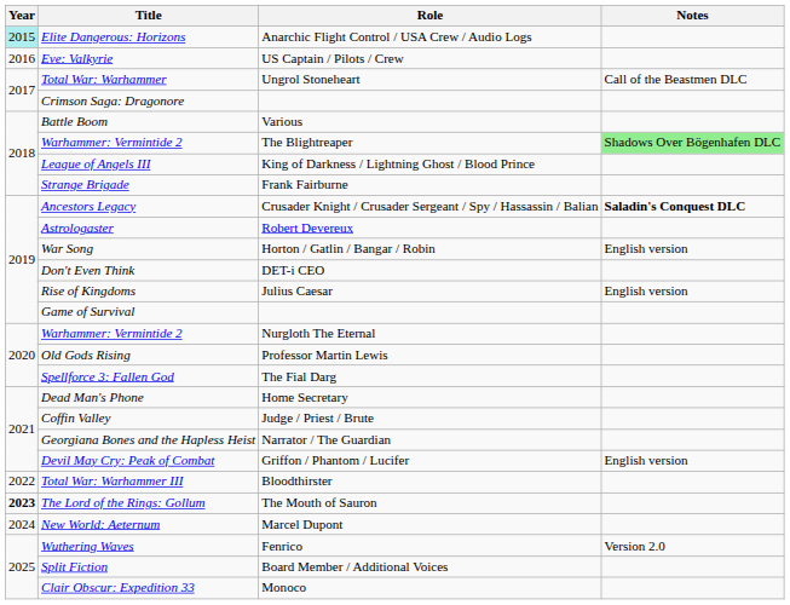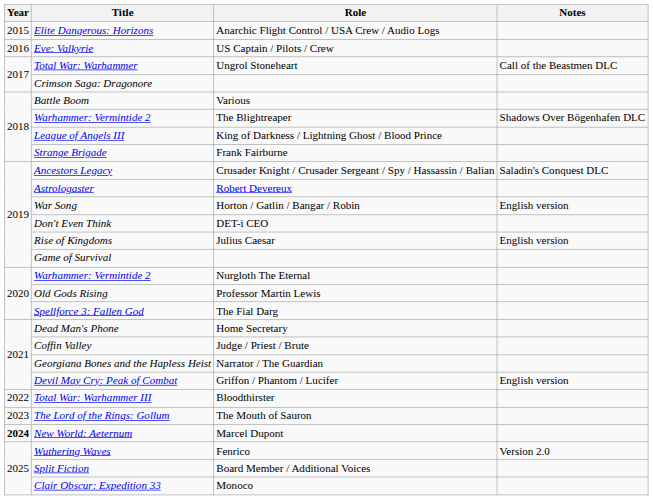 <table class="wikitable sortable">
 <tr>
 <th>Year</th>
 <th>Title</th>
 <th>Role</th>
 <th>Notes</th>
 </tr>
 <tr>
-<td style="background: paleturquoise;">2015</td>
+<td>2015</td>
 <td><em><a href='#'>Elite Dangerous: Horizons</a></em></td>
 <td>Anarchic Flight Control / USA Crew / Audio Logs</td>
 <td></td>
 </tr>
 <tr>
 <td>2016</td>
 <td><em><a href='#'>Eve: Valkyrie</a></em></td>
 <td>US Captain / Pilots / Crew</td>
 <td></td>
 </tr>
 <tr>
 <td rowspan="2">2017</td>
 <td><em><a href='#'>Total War: Warhammer</a></em></td>
 <td>Ungrol Stoneheart</td>
 <td>Call of the Beastmen DLC</td>
 </tr>
 <tr>
 <td><em>Crimson Saga: Dragonore</em></td>
 <td></td>
 <td></td>
 </tr>
 <tr>
 <td rowspan="4">2018</td>
 <td><em>Battle Boom</em></td>
 <td>Various</td>
 <td></td>
 </tr>
 <tr>
 <td><em><a href='#'>Warhammer: Vermintide 2</a></em></td>
 <td>The Blightreaper</td>
-<td style="background: lightgreen;">Shadows Over Bögenhafen DLC</td>
+<td>Shadows Over Bögenhafen DLC</td>
 </tr>
 <tr>
 <td><em><a href='#'>League of Angels III</a></em></td>
 <td>King of Darkness / Lightning Ghost / Blood Prince</td>
 <td></td>
 </tr>
 <tr>
 <td><em><a href='#'>Strange Brigade</a></em></td>
 <td>Frank Fairburne</td>
 <td></td>
 </tr>
 <tr>
 <td rowspan="6">2019</td>
 <td><em><a href='#'>Ancestors Legacy</a></em></td>
 <td>Crusader Knight / Crusader Sergeant / Spy / Hassassin / Balian</td>
-<td><strong>Saladin's Conquest DLC</strong></td>
+<td>Saladin's Conquest DLC</td>
 </tr>
 <tr>
 <td><em><a href='#'>Astrologaster</a></em></td>
 <td><a href='#'>Robert Devereux</a></td>
 <td></td>
 </tr>
 <tr>
 <td><em>War Song</em></td>
 <td>Horton / Gatlin / Bangar / Robin</td>
 <td>English version</td>
 </tr>
 <tr>
 <td><em>Don't Even Think</em></td>
 <td>DET-i CEO</td>
 <td></td>
 </tr>
 <tr>
 <td><em>Rise of Kingdoms</em></td>
 <td>Julius Caesar</td>
 <td>English version</td>
 </tr>
 <tr>
 <td><em>Game of Survival</em></td>
 <td></td>
 <td></td>
 </tr>
 <tr>
 <td rowspan="3">2020</td>
 <td><em><a href='#'>Warhammer: Vermintide 2</a></em></td>
 <td>Nurgloth The Eternal</td>
 <td></td>
 </tr>
 <tr>
 <td><em>Old Gods Rising</em></td>
 <td>Professor Martin Lewis</td>
 <td></td>
 </tr>
 <tr>
 <td><em><a href='#'>Spellforce 3: Fallen God</a></em></td>
 <td>The Fial Darg</td>
 <td></td>
 </tr>
 <tr>
 <td rowspan="4">2021</td>
 <td><em>Dead Man's Phone</em></td>
 <td>Home Secretary</td>
 <td></td>
 </tr>
 <tr>
 <td><em>Coffin Valley</em></td>
 <td>Judge / Priest / Brute</td>
 <td></td>
 </tr>
 <tr>
 <td><em>Georgiana Bones and the Hapless Heist</em></td>
 <td>Narrator / The Guardian</td>
 <td></td>
 </tr>
 <tr>
 <td><a href='#'><em>Devil May Cry: Peak of Combat</em></a></td>
 <td>Griffon / Phantom / Lucifer</td>
 <td>English version</td>
 </tr>
 <tr>
 <td>2022</td>
 <td><em><a href='#'>Total War: Warhammer III</a></em></td>
 <td>Bloodthirster</td>
 <td></td>
 </tr>
 <tr>
-<td><strong>2023</strong></td>
+<td>2023</td>
 <td><em><a href='#'>The Lord of the Rings: Gollum</a></em></td>
 <td>The Mouth of Sauron</td>
 <td></td>
 </tr>
 <tr>
-<td>2024</td>
+<td><strong>2024</strong></td>
 <td><em><a href='#'>New World: Aeternum</a></em></td>
 <td>Marcel Dupont</td>
 <td></td>
 </tr>
 <tr>
 <td rowspan="3">2025</td>
 <td><em><a href='#'>Wuthering Waves</a></em></td>
 <td>Fenrico</td>
 <td>Version 2.0</td>
 </tr>
 <tr>
 <td><em><a href='#'>Split Fiction</a></em></td>
 <td>Board Member / Additional Voices</td>
 <td></td>
 </tr>
 <tr>
 <td><em><a href='#'>Clair Obscur: Expedition 33</a></em></td>
 <td>Monoco</td>
 <td></td>
 </tr>
 </table>
